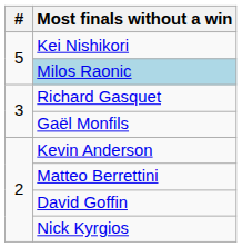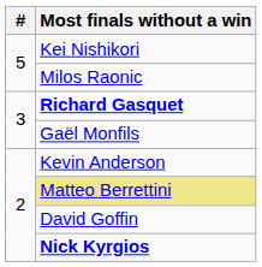 <table class="wikitable" style="display: inline-table;">
 <tr>
 <th width=20>#</th>
 <th>Most finals without a win</th>
 </tr>
 <tr>
 <td rowspan="2" align=center>5</td>
 <td> <a href='#'>Kei Nishikori</a></td>
 </tr>
 <tr>
-<td style="background: lightblue;"> <a href='#'>Milos Raonic</a></td>
+<td> <a href='#'>Milos Raonic</a></td>
 </tr>
 <tr>
 <td rowspan="2" align=center>3</td>
-<td> <a href='#'>Richard Gasquet</a></td>
+<td><strong> <a href='#'>Richard Gasquet</a></strong></td>
 </tr>
 <tr>
 <td> <a href='#'>Gaël Monfils</a></td>
 </tr>
 <tr>
 <td rowspan="4" align=center>2</td>
 <td> <a href='#'>Kevin Anderson</a></td>
 </tr>
 <tr>
-<td> <a href='#'>Matteo Berrettini</a></td>
+<td style="background: khaki;"> <a href='#'>Matteo Berrettini</a></td>
 </tr>
 <tr>
 <td> <a href='#'>David Goffin</a></td>
 </tr>
 <tr>
-<td> <a href='#'>Nick Kyrgios</a></td>
+<td><strong> <a href='#'>Nick Kyrgios</a></strong></td>
 </tr>
 </table>
